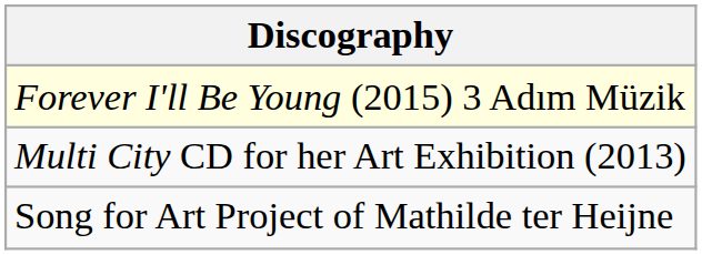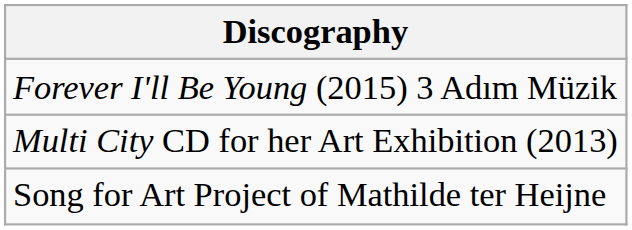 <table class="wikitable">
 <tr>
 <th><strong>Discography</strong></th>
 </tr>
 <tr>
-<td style="background: lightyellow;"><em>Forever I'll Be Young</em> (2015) 3 Adım Müzik</td>
+<td><em>Forever I'll Be Young</em> (2015) 3 Adım Müzik</td>
 </tr>
 <tr>
 <td><em>Multi City</em> CD for her Art Exhibition (2013)</td>
 </tr>
 <tr>
 <td>Song for Art Project of Mathilde ter Heijne</td>
 </tr>
 </table>
